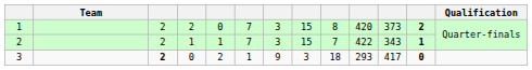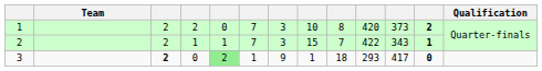 <table class=wikitable style="text-align:center" width=730>
 <tr>
 <th width=5.5%></th>
 <th width=22%>Team</th>
 <th width=5.5%></th>
 <th width=5.5%></th>
 <th width=5.5%></th>
 <th width=5.5%></th>
 <th width=5.5%></th>
 <th width=5.5%></th>
 <th width=5.5%></th>
 <th width=5.5%></th>
 <th width=5.5%></th>
 <th width=5.5%></th>
 <th width=18%>Qualification</th>
 </tr>
 <tr bgcolor=ccffcc>
 <td>1</td>
 <td style="text-align:left"></td>
 <td>2</td>
 <td>2</td>
 <td>0</td>
 <td>7</td>
 <td>3</td>
-<td>15</td>
+<td>10</td>
 <td>8</td>
 <td>420</td>
 <td>373</td>
 <td><strong>2</strong></td>
 <td rowspan=2>Quarter-finals</td>
 </tr>
 <tr bgcolor=ccffcc>
 <td>2</td>
 <td style="text-align:left"></td>
 <td>2</td>
 <td>1</td>
 <td>1</td>
 <td>7</td>
 <td>3</td>
 <td>15</td>
 <td>7</td>
 <td>422</td>
 <td>343</td>
 <td><strong>1</strong></td>
 </tr>
 <tr>
 <td>3</td>
 <td style="text-align:left"></td>
 <td><strong>2</strong></td>
 <td>0</td>
-<td>2</td>
+<td style="background: lightgreen;">2</td>
 <td>1</td>
 <td>9</td>
-<td>3</td>
+<td>1</td>
 <td>18</td>
 <td>293</td>
 <td>417</td>
 <td><strong>0</strong></td>
 <td></td>
 </tr>
 </table>
